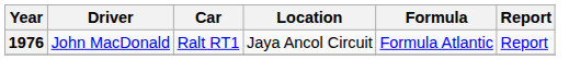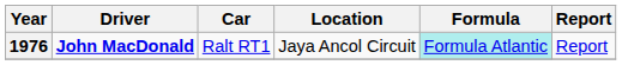 <table class="wikitable" style="font-size: 95%;">
 <tr>
 <th>Year</th>
 <th>Driver</th>
 <th>Car</th>
 <th>Location</th>
 <th>Formula</th>
 <th>Report</th>
 </tr>
 <tr>
 <th>1976</th>
-<td> <a href='#'>John MacDonald</a></td>
+<td><strong> <a href='#'>John MacDonald</a></strong></td>
 <td><a href='#'>Ralt RT1</a></td>
 <td>Jaya Ancol Circuit</td>
-<td><a href='#'>Formula Atlantic</a></td>
+<td style="background: paleturquoise;"><a href='#'>Formula Atlantic</a></td>
 <td><a href='#'>Report</a></td>
 </tr>
 <tr>
 </tr>
 </table>
